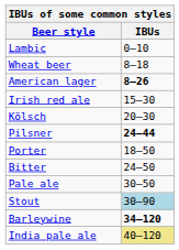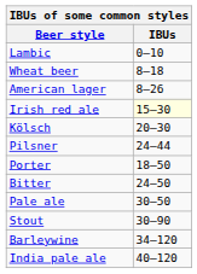 <table class="wikitable" style="float:right; margin-left:1em">
 <tr>
 <th colspan=3>IBUs of some common styles</th>
 </tr>
 <tr>
 <th><a href='#'>Beer style</a></th>
 <th>IBUs</th>
 </tr>
 <tr>
 <td><a href='#'>Lambic</a></td>
 <td>0–10</td>
 </tr>
 <tr>
 <td><a href='#'>Wheat beer</a></td>
 <td>8–18</td>
 </tr>
 <tr>
 <td><a href='#'>American lager</a></td>
-<td><strong>8–26</strong></td>
+<td>8–26</td>
 </tr>
 <tr>
 <td><a href='#'>Irish red ale</a></td>
-<td>15–30</td>
+<td style="background: lightyellow;">15–30</td>
 </tr>
 <tr>
 <td><a href='#'>Kölsch</a></td>
 <td>20–30</td>
 </tr>
 <tr>
 <td><a href='#'>Pilsner</a></td>
-<td><strong>24–44</strong></td>
+<td>24–44</td>
 </tr>
 <tr>
 <td><a href='#'>Porter</a></td>
 <td>18–50</td>
 </tr>
 <tr>
 <td><a href='#'>Bitter</a></td>
 <td>24–50</td>
 </tr>
 <tr>
 <td><a href='#'>Pale ale</a></td>
 <td>30–50</td>
 </tr>
 <tr>
 <td><a href='#'>Stout</a></td>
-<td style="background: lightblue;">30–90</td>
+<td>30–90</td>
 </tr>
 <tr>
 <td><a href='#'>Barleywine</a></td>
-<td><strong>34–120</strong></td>
+<td>34–120</td>
 </tr>
 <tr>
 <td><a href='#'>India pale ale</a></td>
-<td style="background: khaki;">40–120</td>
+<td>40–120</td>
 </tr>
 </table>
